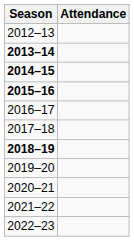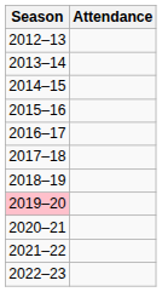 <table class="wikitable">
 <tr>
 <th>Season</th>
 <th>Attendance</th>
 </tr>
 <tr>
 <td>2012–13</td>
 <td></td>
 </tr>
 <tr>
-<td><strong>2013–14</strong></td>
+<td>2013–14</td>
 <td></td>
 </tr>
 <tr>
-<td><strong>2014–15</strong></td>
+<td>2014–15</td>
 <td></td>
 </tr>
 <tr>
-<td><strong>2015–16</strong></td>
+<td>2015–16</td>
 <td></td>
 </tr>
 <tr>
 <td>2016–17</td>
 <td></td>
 </tr>
 <tr>
 <td>2017–18</td>
 <td></td>
 </tr>
 <tr>
-<td><strong>2018–19</strong></td>
+<td>2018–19</td>
 <td></td>
 </tr>
 <tr>
-<td>2019–20</td>
+<td style="background: pink;">2019–20</td>
 <td></td>
 </tr>
 <tr>
 <td>2020–21</td>
 <td></td>
 </tr>
 <tr>
 <td>2021–22</td>
 <td></td>
 </tr>
 <tr>
 <td>2022–23</td>
 <td></td>
 </tr>
 </table>
